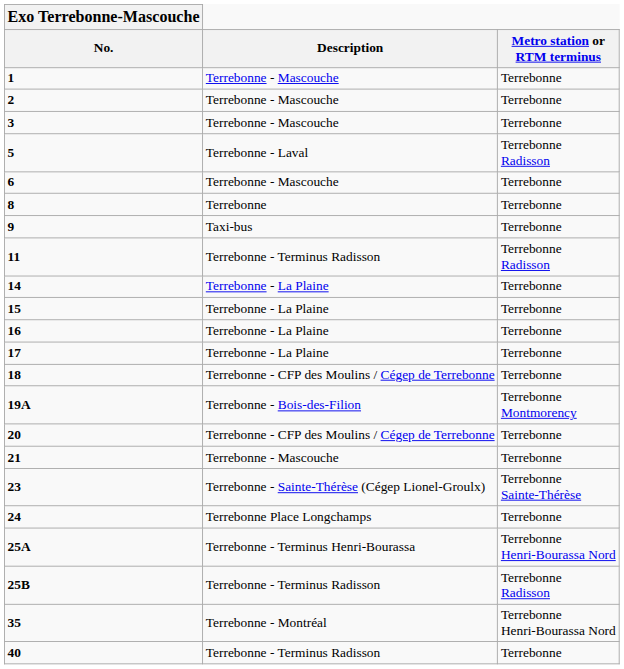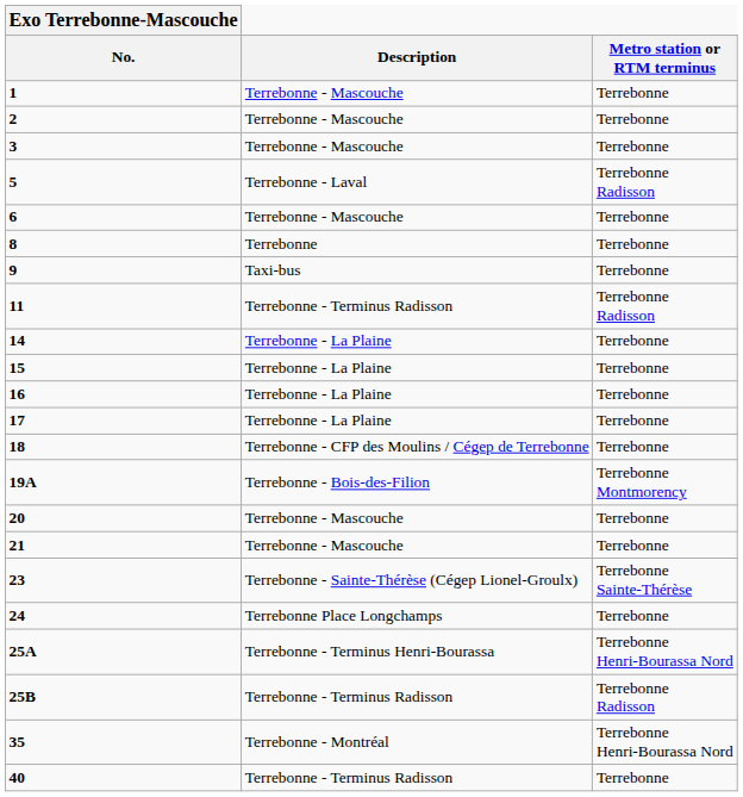 <table class="wikitable" style="font-size:90%; border:1px;">
 <tr>
 <th style="background: #"><big>Exo Terrebonne-Mascouche</big></th>
 </tr>
 <tr>
 <th>No.</th>
 <th>Description</th>
 <th><a href='#'>Metro station</a> or<br> <a href='#'>RTM terminus</a></th>
 </tr>
 <tr>
 <td><strong>1</strong></td>
 <td><a href='#'>Terrebonne</a> - <a href='#'>Mascouche</a></td>
 <td>Terrebonne</td>
 </tr>
 <tr>
 <td><strong>2</strong></td>
 <td>Terrebonne - Mascouche</td>
 <td>Terrebonne</td>
 </tr>
 <tr>
 <td><strong>3</strong></td>
 <td>Terrebonne - Mascouche</td>
 <td>Terrebonne</td>
 </tr>
 <tr>
 <td><strong>5</strong></td>
 <td>Terrebonne - Laval</td>
 <td>Terrebonne<br><a href='#'>Radisson</a></td>
 </tr>
 <tr>
 <td><strong>6</strong></td>
 <td>Terrebonne - Mascouche</td>
 <td>Terrebonne</td>
 </tr>
 <tr>
 <td><strong>8</strong></td>
 <td>Terrebonne</td>
 <td>Terrebonne</td>
 </tr>
 <tr>
 <td><strong>9</strong></td>
 <td>Taxi-bus</td>
 <td>Terrebonne</td>
 </tr>
 <tr>
 <td><strong>11</strong></td>
 <td>Terrebonne - Terminus Radisson</td>
 <td>Terrebonne<br><a href='#'>Radisson</a></td>
 </tr>
 <tr>
 <td><strong>14</strong></td>
 <td><a href='#'>Terrebonne</a> - <a href='#'>La Plaine</a></td>
 <td>Terrebonne</td>
 </tr>
 <tr>
 <td><strong>15</strong></td>
 <td>Terrebonne - La Plaine</td>
 <td>Terrebonne</td>
 </tr>
 <tr>
 <td><strong>16</strong></td>
 <td>Terrebonne - La Plaine</td>
 <td>Terrebonne</td>
 </tr>
 <tr>
 <td><strong>17</strong></td>
 <td>Terrebonne - La Plaine</td>
 <td>Terrebonne</td>
 </tr>
 <tr>
 <td><strong>18</strong></td>
 <td>Terrebonne - CFP des Moulins / <a href='#'>Cégep de Terrebonne</a></td>
 <td>Terrebonne</td>
 </tr>
 <tr>
 <td><strong>19A</strong></td>
 <td>Terrebonne - <a href='#'>Bois-des-Filion</a></td>
 <td>Terrebonne<br> <a href='#'>Montmorency</a></td>
 </tr>
 <tr>
 <td><strong>20</strong></td>
-<td>Terrebonne - CFP des Moulins / <a href='#'>Cégep de Terrebonne</a></td>
+<td>Terrebonne - Mascouche</td>
 <td>Terrebonne</td>
 </tr>
 <tr>
 <td><strong>21</strong></td>
 <td>Terrebonne - Mascouche</td>
 <td>Terrebonne</td>
 </tr>
 <tr>
 <td><strong>23</strong></td>
 <td>Terrebonne - <a href='#'>Sainte-Thérèse</a> (Cégep Lionel-Groulx)</td>
 <td>Terrebonne<br> <a href='#'>Sainte-Thérèse</a></td>
 </tr>
 <tr>
 <td><strong>24</strong></td>
 <td>Terrebonne Place Longchamps</td>
 <td>Terrebonne</td>
 </tr>
 <tr>
 <td><strong>25A</strong></td>
 <td>Terrebonne - Terminus Henri-Bourassa</td>
 <td>Terrebonne<br><a href='#'>Henri-Bourassa Nord</a></td>
 </tr>
 <tr>
 <td><strong>25B</strong></td>
 <td>Terrebonne - Terminus Radisson</td>
 <td>Terrebonne <br> <a href='#'>Radisson</a></td>
 </tr>
 <tr>
 <td><strong>35</strong></td>
 <td>Terrebonne - Montréal</td>
 <td>Terrebonne<br>Henri-Bourassa Nord</td>
 </tr>
 <tr>
 <td><strong>40</strong></td>
 <td>Terrebonne - Terminus Radisson</td>
 <td>Terrebonne</td>
 </tr>
 </table>
